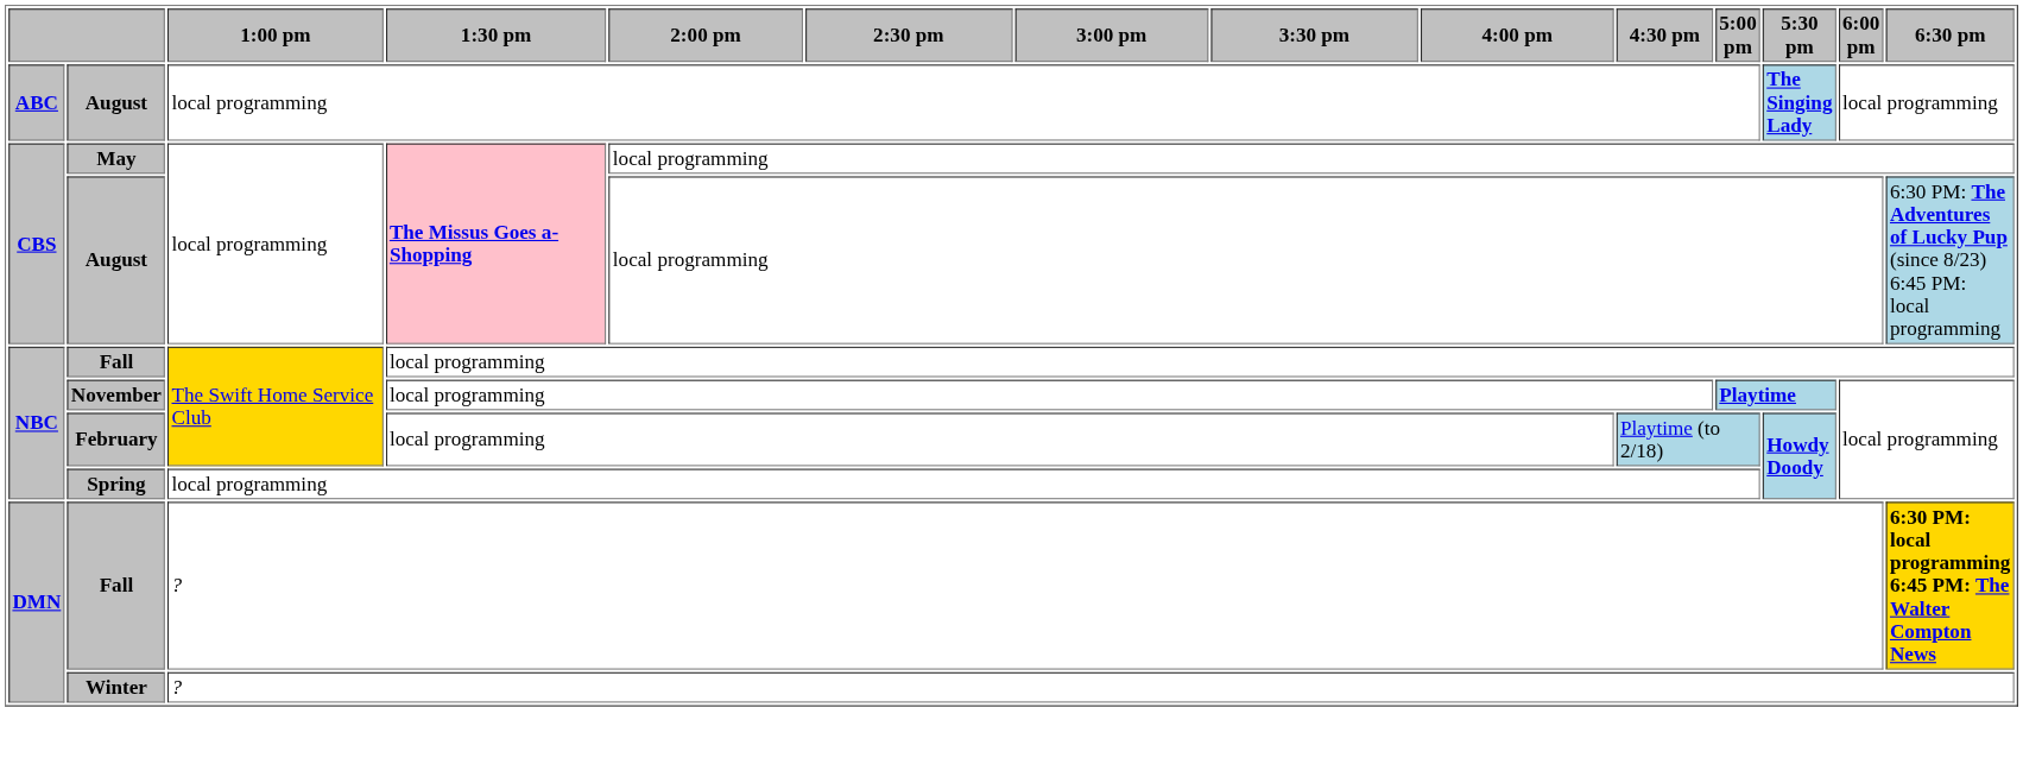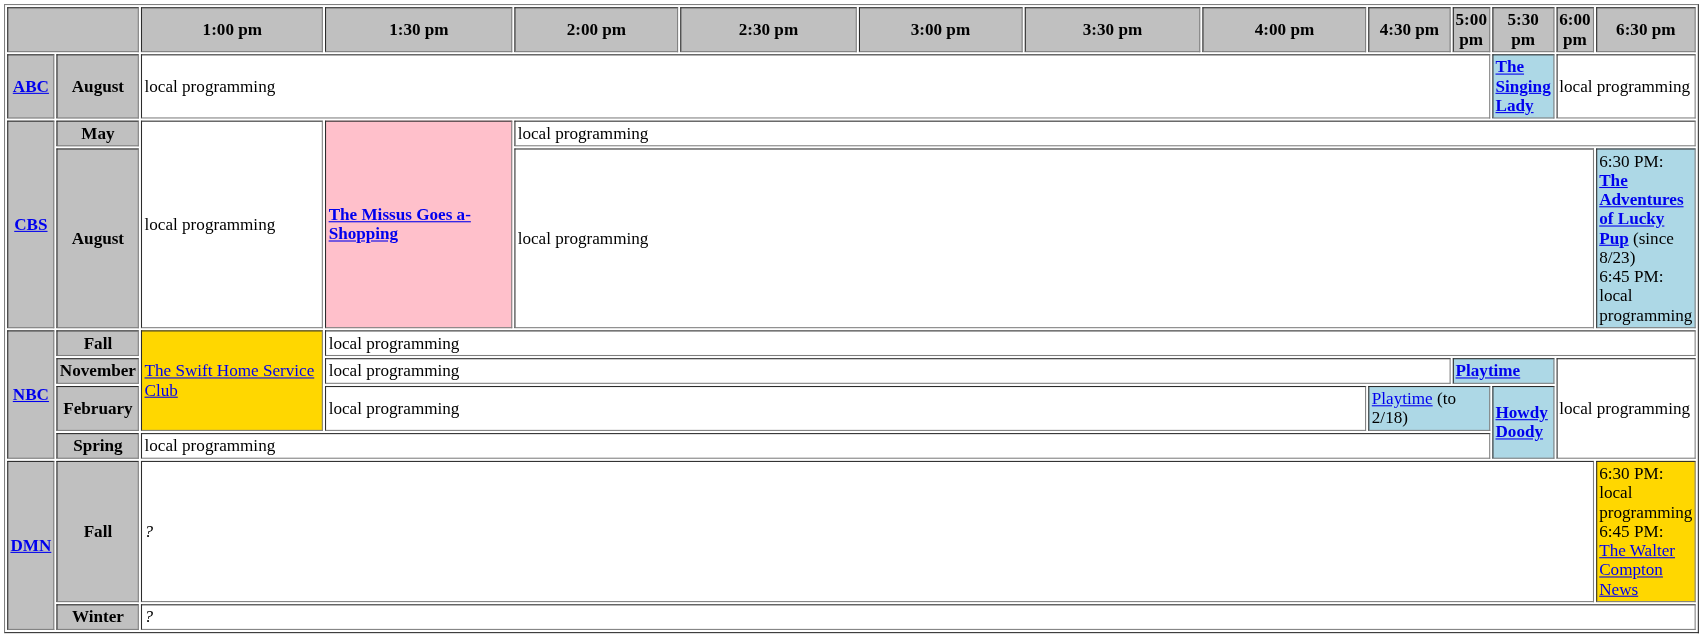 <table border="1" cellpadding="2">
 <tr>
 <th bgcolor="#C0C0C0" colspan=2> </th>
 <th width="13%" bgcolor="#C0C0C0">1:00 pm</th>
 <th width="14%" bgcolor="#C0C0C0">1:30 pm</th>
 <th width="13%" bgcolor="#C0C0C0">2:00 pm</th>
 <th width="14%" bgcolor="#C0C0C0">2:30 pm</th>
 <th width="13%" bgcolor="#C0C0C0">3:00 pm</th>
 <th width="14%" bgcolor="#C0C0C0">3:30 pm</th>
 <th width="13%" bgcolor="#C0C0C0">4:00 pm</th>
 <th width="14%" bgcolor="#C0C0C0">4:30 pm</th>
 <th width="13%" bgcolor="#C0C0C0">5:00 pm</th>
 <th width="14%" bgcolor="#C0C0C0">5:30 pm</th>
 <th width="14%" bgcolor="#C0C0C0">6:00 pm</th>
 <th width="13%" bgcolor="#C0C0C0">6:30 pm</th>
 </tr>
 <tr>
 <th bgcolor="#C0C0C0"><a href='#'>ABC</a></th>
 <th bgcolor="#C0C0C0">August</th>
 <td bgcolor="white" colspan="9">local programming</td>
 <td bgcolor="lightblue"><strong><a href='#'>The Singing Lady</a></strong></td>
 <td bgcolor="white" colspan="2">local programming</td>
 </tr>
 <tr>
 <th bgcolor="#C0C0C0" rowspan=2><a href='#'>CBS</a></th>
 <th bgcolor="#C0C0C0">May</th>
 <td bgcolor="white" rowspan=2 colspan="1">local programming</td>
 <td bgcolor="pink" rowspan=2><strong><a href='#'>The Missus Goes a-Shopping</a></strong></td>
 <td bgcolor="white" colspan="10">local programming</td>
 </tr>
 <tr>
 <th bgcolor="#C0C0C0">August</th>
 <td bgcolor="white" colspan="9">local programming</td>
 <td bgcolor="lightblue">6:30 PM: <strong><a href='#'>The Adventures of Lucky Pup</a></strong> (since 8/23)<br>6:45 PM: local programming</td>
 </tr>
 <tr>
 <th bgcolor="#C0C0C0" rowspan=4><a href='#'>NBC</a></th>
 <th bgcolor="#C0C0C0">Fall</th>
 <td bgcolor="gold" rowspan=3><a href='#'>The Swift Home Service Club</a></td>
 <td bgcolor="white" colspan="11">local programming</td>
 </tr>
 <tr>
 <th bgcolor="#C0C0C0">November</th>
 <td bgcolor="white" colspan="7">local programming</td>
 <td bgcolor="lightblue" colspan="2"><strong><a href='#'>Playtime</a></strong></td>
 <td bgcolor="white" rowspan=3 colspan="2">local programming</td>
 </tr>
 <tr>
 <th bgcolor="#C0C0C0">February</th>
 <td bgcolor="white" colspan="6">local programming</td>
 <td bgcolor="lightblue" colspan="2"><a href='#'>Playtime</a> (to 2/18)</td>
 <td bgcolor="lightblue" rowspan="2"><strong><a href='#'>Howdy Doody</a></strong></td>
 </tr>
 <tr>
 <th bgcolor="#C0C0C0">Spring</th>
 <td bgcolor="white" colspan="9">local programming</td>
 </tr>
 <tr>
 <th bgcolor="#C0C0C0" rowspan=2><a href='#'>DMN</a></th>
 <th bgcolor="#C0C0C0">Fall</th>
 <td bgcolor="white" colspan="11"><em>?</em></td>
-<td bgcolor="gold"><strong>6:30 PM: local programming<br>6:45 PM: <a href='#'>The Walter Compton News</a></strong></td>
+<td bgcolor="gold">6:30 PM: local programming<br>6:45 PM: <a href='#'>The Walter Compton News</a></td>
 </tr>
 <tr>
 <th bgcolor="#C0C0C0">Winter</th>
 <td bgcolor="white" colspan="12"><em>?</em></td>
 </tr>
 </table>
